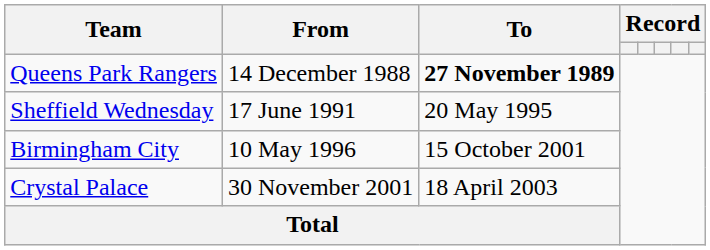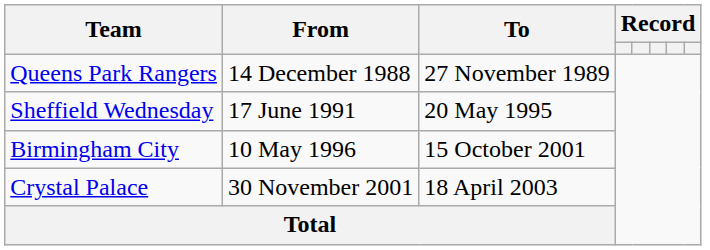 <table class=wikitable style="text-align: left">
 <tr>
 <th rowspan="2">Team</th>
 <th rowspan="2">From</th>
 <th rowspan="2">To</th>
 <th colspan="5">Record</th>
 </tr>
 <tr>
 <th></th>
 <th></th>
 <th></th>
 <th></th>
 <th></th>
 </tr>
 <tr>
 <td><a href='#'>Queens Park Rangers</a></td>
 <td>14 December 1988</td>
-<td><strong>27 November 1989<br></strong></td>
+<td>27 November 1989<br></td>
 </tr>
 <tr>
 <td><a href='#'>Sheffield Wednesday</a></td>
 <td>17 June 1991</td>
 <td>20 May 1995<br></td>
 </tr>
 <tr>
 <td><a href='#'>Birmingham City</a></td>
 <td>10 May 1996</td>
 <td>15 October 2001<br></td>
 </tr>
 <tr>
 <td><a href='#'>Crystal Palace</a></td>
 <td>30 November 2001</td>
 <td>18 April 2003<br></td>
 </tr>
 <tr>
 <th colspan="3">Total<br></th>
 </tr>
 </table>
